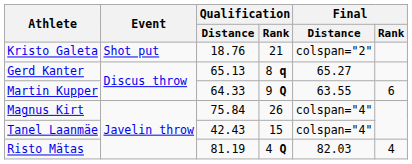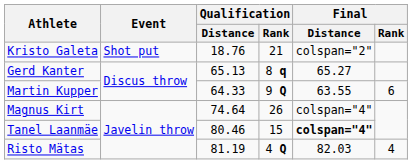 <table class="wikitable" style="font-size:90%">
 <tr>
 <th rowspan=2>Athlete</th>
 <th rowspan=2>Event</th>
 <th colspan=2>Qualification</th>
 <th colspan=2>Final</th>
 </tr>
 <tr style="font-size:95%">
 <th>Distance</th>
 <th>Rank</th>
 <th>Distance</th>
 <th>Rank</th>
 </tr>
 <tr align=center>
 <td align=left><a href='#'>Kristo Galeta</a></td>
 <td style="text-align:left;"><a href='#'>Shot put</a></td>
 <td>18.76</td>
 <td>21</td>
 <td>colspan="2" </td>
 </tr>
 <tr align=center>
 <td align=left><a href='#'>Gerd Kanter</a></td>
 <td style="text-align:left;" rowspan=2><a href='#'>Discus throw</a></td>
 <td>65.13 <strong></strong></td>
 <td>8 <strong>q</strong></td>
 <td>65.27 <strong></strong></td>
 <td><strong></strong></td>
 </tr>
 <tr align=center>
 <td align=left><a href='#'>Martin Kupper</a></td>
 <td>64.33</td>
 <td>9 <strong>Q</strong></td>
 <td>63.55</td>
 <td>6</td>
 </tr>
 <tr align="center">
 <td align=left><a href='#'>Magnus Kirt</a></td>
 <td style="text-align:left;" rowspan=3><a href='#'>Javelin throw</a></td>
-<td>75.84</td>
+<td>74.64</td>
 <td>26</td>
 <td>colspan="4" </td>
 </tr>
 <tr align="center">
 <td align=left><a href='#'>Tanel Laanmäe</a></td>
-<td>42.43</td>
+<td>80.46</td>
 <td>15</td>
-<td>colspan="4" </td>
+<td><strong>colspan="4" </strong></td>
 </tr>
 <tr align=center>
 <td align=left><a href='#'>Risto Mätas</a></td>
 <td>81.19</td>
 <td>4 <strong>Q</strong></td>
 <td>82.03 <strong></strong></td>
 <td>4</td>
 </tr>
 </table>
